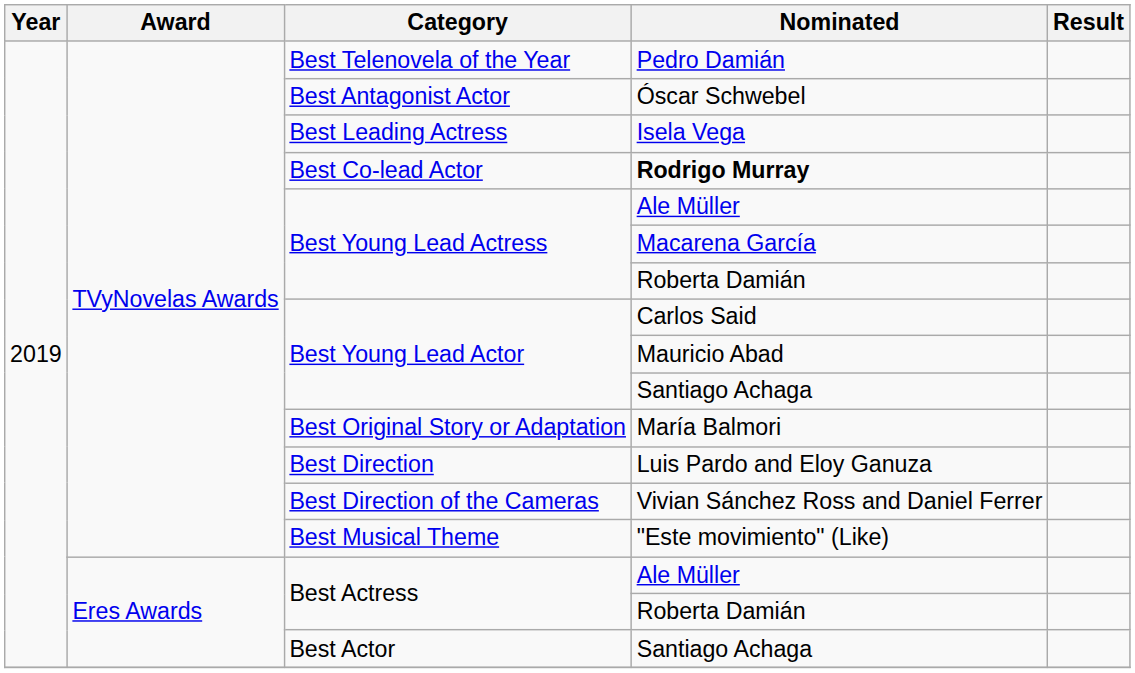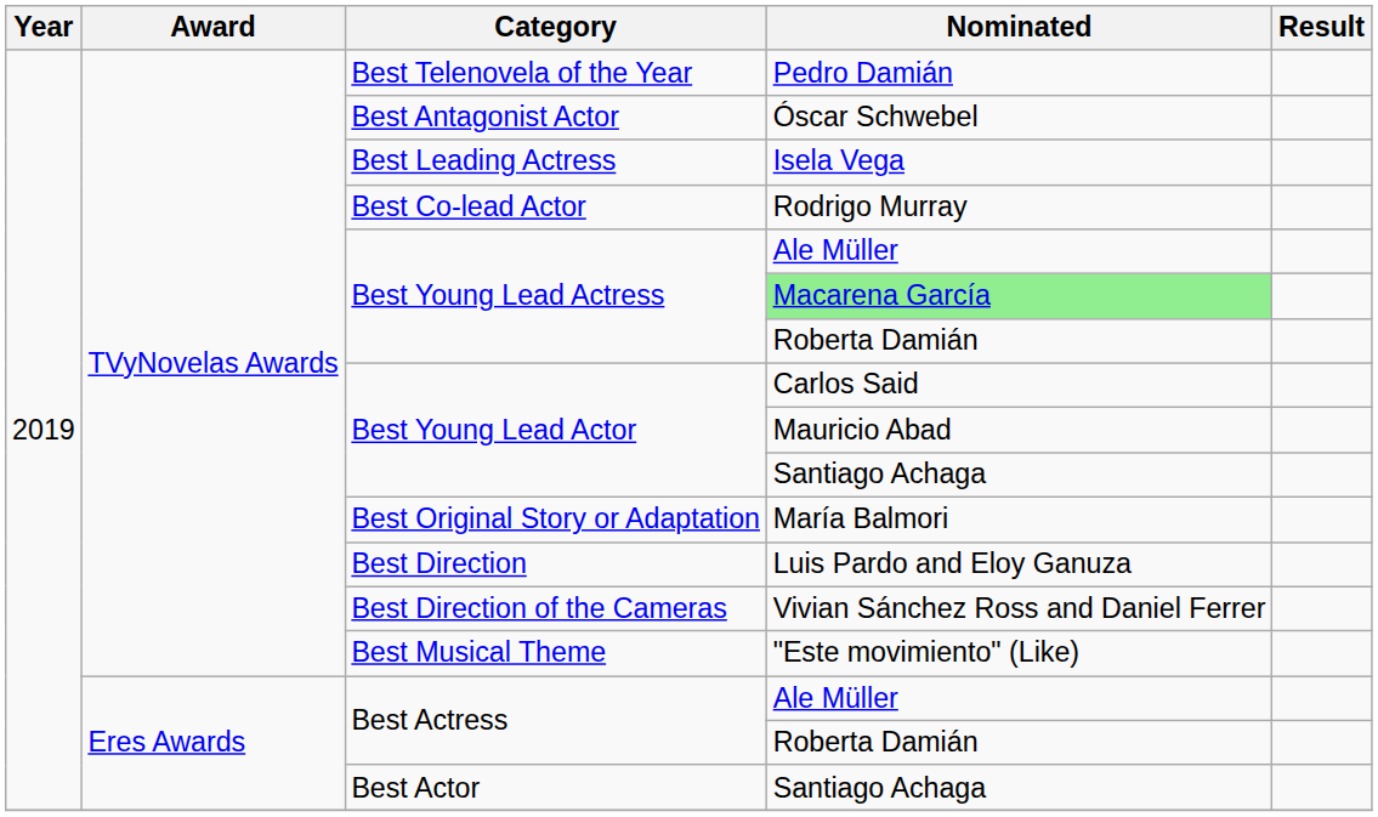 <table class="wikitable plainrowheaders">
 <tr>
 <th scope="col">Year</th>
 <th scope="col">Award</th>
 <th scope="col">Category</th>
 <th scope="col">Nominated</th>
 <th scope="col">Result</th>
 </tr>
 <tr>
 <td rowspan="17">2019</td>
 <td rowspan="14"><a href='#'>TVyNovelas Awards</a></td>
 <td><a href='#'>Best Telenovela of the Year</a></td>
 <td><a href='#'>Pedro Damián</a></td>
 <td></td>
 </tr>
 <tr>
 <td><a href='#'>Best Antagonist Actor</a></td>
 <td>Óscar Schwebel</td>
 <td></td>
 </tr>
 <tr>
 <td><a href='#'>Best Leading Actress</a></td>
 <td><a href='#'>Isela Vega</a></td>
 <td></td>
 </tr>
 <tr>
 <td><a href='#'>Best Co-lead Actor</a></td>
-<td><strong>Rodrigo Murray</strong></td>
+<td>Rodrigo Murray</td>
 <td></td>
 </tr>
 <tr>
 <td rowspan="3"><a href='#'>Best Young Lead Actress</a></td>
 <td><a href='#'>Ale Müller</a></td>
 <td></td>
 </tr>
 <tr>
-<td><a href='#'>Macarena García</a></td>
+<td style="background: lightgreen;"><a href='#'>Macarena García</a></td>
 <td></td>
 </tr>
 <tr>
 <td>Roberta Damián</td>
 <td></td>
 </tr>
 <tr>
 <td rowspan="3"><a href='#'>Best Young Lead Actor</a></td>
 <td>Carlos Said</td>
 <td></td>
 </tr>
 <tr>
 <td>Mauricio Abad</td>
 <td></td>
 </tr>
 <tr>
 <td>Santiago Achaga</td>
 <td></td>
 </tr>
 <tr>
 <td><a href='#'>Best Original Story or Adaptation</a></td>
 <td>María Balmori</td>
 <td></td>
 </tr>
 <tr>
 <td><a href='#'>Best Direction</a></td>
 <td>Luis Pardo and Eloy Ganuza</td>
 <td></td>
 </tr>
 <tr>
 <td><a href='#'>Best Direction of the Cameras</a></td>
 <td>Vivian Sánchez Ross and Daniel Ferrer</td>
 <td></td>
 </tr>
 <tr>
 <td><a href='#'>Best Musical Theme</a></td>
 <td>"Este movimiento" (Like)</td>
 <td></td>
 </tr>
 <tr>
 <td rowspan="3"><a href='#'>Eres Awards</a></td>
 <td rowspan="2">Best Actress</td>
 <td><a href='#'>Ale Müller</a></td>
 <td></td>
 </tr>
 <tr>
 <td>Roberta Damián</td>
 <td></td>
 </tr>
 <tr>
 <td>Best Actor</td>
 <td>Santiago Achaga</td>
 <td></td>
 </tr>
 <tr>
 </tr>
 </table>
